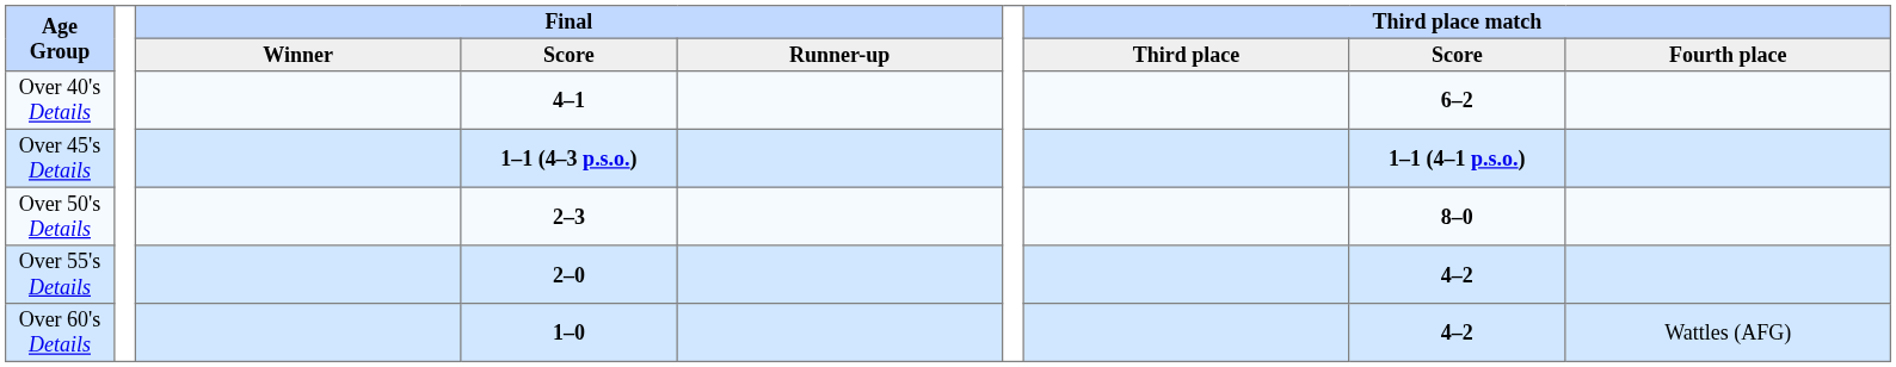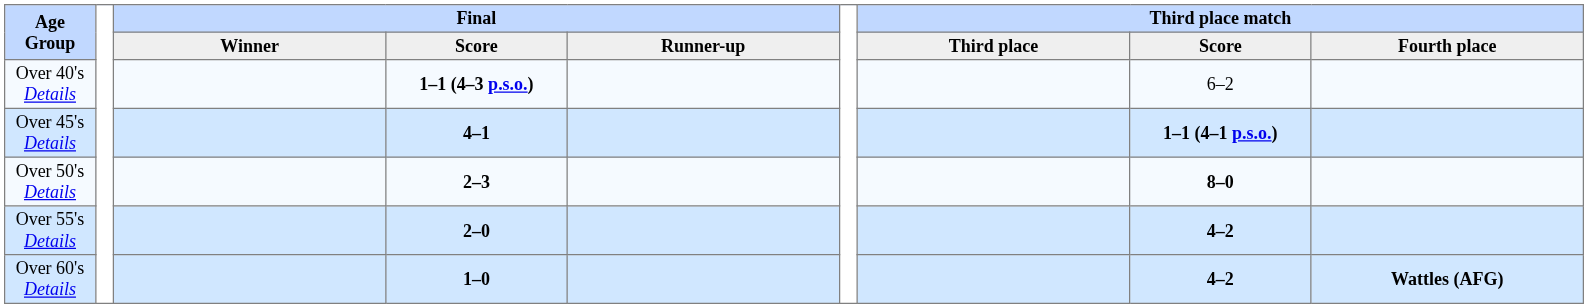 <table border=1 style="border-collapse:collapse; font-size:90%; text-align:center" cellpadding=2 cellspacing=0>
 <tr bgcolor=#C1D8FF>
 <th rowspan=2 width=5%>Age Group</th>
 <th width=1% rowspan=17 bgcolor=ffffff></th>
 <th colspan=3>Final</th>
 <th width=1% rowspan=17 bgcolor=ffffff></th>
 <th colspan=3>Third place match</th>
 </tr>
 <tr bgcolor=#EFEFEF>
 <th width=15%>Winner</th>
 <th width=10%>Score</th>
 <th width=15%>Runner-up</th>
 <th width=15%>Third place</th>
 <th width=10%>Score</th>
 <th width=15%>Fourth place</th>
 </tr>
 <tr bgcolor=#F5FAFF>
 <td>Over 40's<br><em><a href='#'>Details</a></em></td>
 <td><strong></strong></td>
-<td><strong>4–1</strong></td>
+<td><strong>1–1 (4–3 <a href='#'>p.s.o.</a>)</strong></td>
 <td></td>
 <td></td>
-<td><strong>6–2</strong></td>
+<td>6–2</td>
 <td></td>
 </tr>
 <tr bgcolor=#D0E7FF>
 <td>Over 45's<br><em><a href='#'>Details</a></em></td>
 <td><strong></strong></td>
-<td><strong>1–1 (4–3 <a href='#'>p.s.o.</a>)</strong></td>
+<td><strong>4–1</strong></td>
 <td></td>
 <td></td>
 <td><strong>1–1 (4–1 <a href='#'>p.s.o.</a>)</strong></td>
 <td></td>
 </tr>
 <tr bgcolor=#F5FAFF>
 <td>Over 50's<br><em><a href='#'>Details</a></em></td>
 <td><strong></strong></td>
 <td><strong>2–3</strong></td>
 <td></td>
 <td></td>
 <td><strong>8–0</strong></td>
 <td></td>
 </tr>
 <tr bgcolor=#D0E7FF>
 <td>Over 55's<br><em><a href='#'>Details</a></em></td>
 <td><strong></strong></td>
 <td><strong>2–0</strong></td>
 <td></td>
 <td></td>
 <td><strong>4–2</strong></td>
 <td></td>
 </tr>
 <tr bgcolor=#D0E7FF>
 <td>Over 60's<br><em><a href='#'>Details</a></em></td>
 <td><strong></strong></td>
 <td><strong>1–0</strong></td>
 <td></td>
 <td></td>
 <td><strong>4–2</strong></td>
-<td>Wattles (AFG)</td>
+<td><strong>Wattles (AFG)</strong></td>
 </tr>
 </table>
